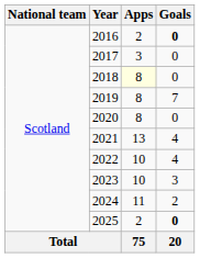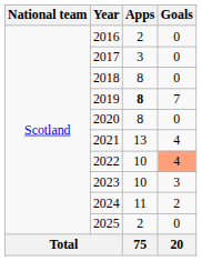 <table class=wikitable style="text-align:center">
 <tr>
 <th>National team</th>
 <th>Year</th>
 <th>Apps</th>
 <th>Goals</th>
 </tr>
 <tr>
 <td rowspan="10"><a href='#'>Scotland</a></td>
 <td>2016</td>
 <td>2</td>
-<td><strong>0</strong></td>
+<td>0</td>
 </tr>
 <tr>
 <td>2017</td>
 <td>3</td>
 <td>0</td>
 </tr>
 <tr>
 <td>2018</td>
-<td style="background: lightyellow;">8</td>
+<td>8</td>
 <td>0</td>
 </tr>
 <tr>
 <td>2019</td>
-<td>8</td>
+<td><strong>8</strong></td>
 <td>7</td>
 </tr>
 <tr>
 <td>2020</td>
 <td>8</td>
 <td>0</td>
 </tr>
 <tr>
 <td>2021</td>
 <td>13</td>
 <td>4</td>
 </tr>
 <tr>
 <td>2022</td>
 <td>10</td>
-<td>4</td>
+<td style="background: lightsalmon;">4</td>
 </tr>
 <tr>
 <td>2023</td>
 <td>10</td>
 <td>3</td>
 </tr>
 <tr>
 <td>2024</td>
 <td>11</td>
 <td>2</td>
 </tr>
 <tr>
 <td>2025</td>
 <td>2</td>
-<td><strong>0</strong></td>
+<td>0</td>
 </tr>
 <tr>
 <th colspan="2">Total</th>
 <th>75</th>
 <th>20</th>
 </tr>
 </table>
